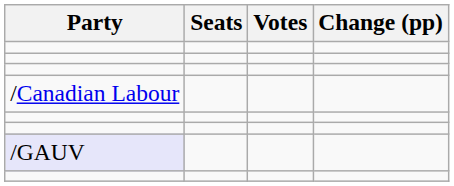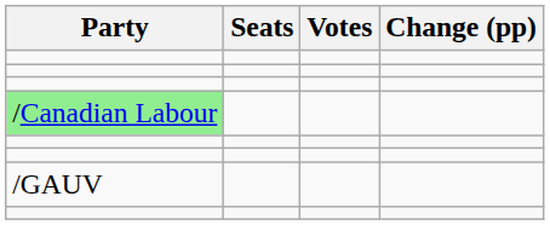 <table class="wikitable" style="text-align:right;">
 <tr>
 <th>Party</th>
 <th>Seats</th>
 <th>Votes</th>
 <th colspan="3">Change (pp)</th>
 </tr>
 <tr>
 <td style="text-align:left;"></td>
 <td></td>
 <td></td>
 <td></td>
 </tr>
 <tr>
 <td style="text-align:left;"></td>
 <td></td>
 <td></td>
 <td></td>
 </tr>
 <tr>
 <td style="text-align:left;"></td>
 <td></td>
 <td></td>
 <td></td>
 </tr>
 <tr>
-<td style="text-align:left;">/<a href='#'>Canadian Labour</a></td>
+<td style="background: lightgreen; text-align:left;">/<a href='#'>Canadian Labour</a></td>
 <td></td>
 <td></td>
 <td></td>
 </tr>
 <tr>
 <td style="text-align:left;"></td>
 <td></td>
 <td></td>
 <td></td>
 </tr>
 <tr>
 <td style="text-align:left;"></td>
 <td></td>
 <td></td>
 <td></td>
 </tr>
 <tr>
-<td style="background: lavender; text-align:left;">/GAUV</td>
+<td style="text-align:left;">/GAUV</td>
 <td></td>
 <td></td>
 <td></td>
 </tr>
 <tr>
 <td style="text-align:left;"></td>
 <td></td>
 <td></td>
 <td></td>
 </tr>
 </table>
